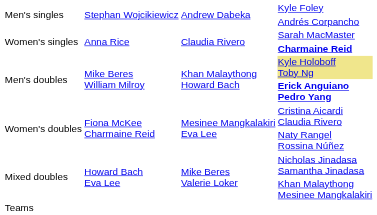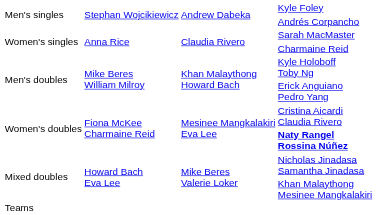 <table>
 <tr>
 <td rowspan="2">Men's singles</td>
 <td rowspan="2"> <a href='#'>Stephan Wojcikiewicz</a></td>
 <td rowspan="2"> <a href='#'>Andrew Dabeka</a></td>
 <td> <a href='#'>Kyle Foley</a></td>
 </tr>
 <tr>
 <td> <a href='#'>Andrés Corpancho</a></td>
 </tr>
 <tr>
 <td rowspan="2">Women's singles</td>
 <td rowspan="2"> <a href='#'>Anna Rice</a></td>
 <td rowspan="2"> <a href='#'>Claudia Rivero</a></td>
 <td> <a href='#'>Sarah MacMaster</a></td>
 </tr>
 <tr>
-<td><strong> <a href='#'>Charmaine Reid</a></strong></td>
+<td> <a href='#'>Charmaine Reid</a></td>
 </tr>
 <tr>
 <td rowspan="2">Men's doubles</td>
 <td rowspan="2"> <a href='#'>Mike Beres</a><br> <a href='#'>William Milroy</a></td>
 <td rowspan="2"> <a href='#'>Khan Malaythong</a><br> <a href='#'>Howard Bach</a></td>
-<td style="background: khaki;"> <a href='#'>Kyle Holoboff</a><br> <a href='#'>Toby Ng</a></td>
+<td> <a href='#'>Kyle Holoboff</a><br> <a href='#'>Toby Ng</a></td>
 </tr>
 <tr>
-<td><strong> <a href='#'>Erick Anguiano</a><br> <a href='#'>Pedro Yang</a></strong></td>
+<td> <a href='#'>Erick Anguiano</a><br> <a href='#'>Pedro Yang</a></td>
 </tr>
 <tr>
 <td rowspan="2">Women's doubles</td>
 <td rowspan="2"> <a href='#'>Fiona McKee</a><br> <a href='#'>Charmaine Reid</a></td>
 <td rowspan="2"> <a href='#'>Mesinee Mangkalakiri</a><br> <a href='#'>Eva Lee</a></td>
 <td> <a href='#'>Cristina Aicardi</a><br> <a href='#'>Claudia Rivero</a></td>
 </tr>
 <tr>
-<td> <a href='#'>Naty Rangel</a><br> <a href='#'>Rossina Núñez</a></td>
+<td><strong> <a href='#'>Naty Rangel</a><br> <a href='#'>Rossina Núñez</a></strong></td>
 </tr>
 <tr>
 <td rowspan="2">Mixed doubles</td>
 <td rowspan="2"> <a href='#'>Howard Bach</a><br> <a href='#'>Eva Lee</a></td>
 <td rowspan="2"> <a href='#'>Mike Beres</a><br> <a href='#'>Valerie Loker</a></td>
 <td> <a href='#'>Nicholas Jinadasa</a><br> <a href='#'>Samantha Jinadasa</a></td>
 </tr>
 <tr>
 <td> <a href='#'>Khan Malaythong</a><br> <a href='#'>Mesinee Mangkalakiri</a></td>
 </tr>
 <tr>
 <td>Teams</td>
 <td></td>
 <td></td>
 <td></td>
 </tr>
 </table>
